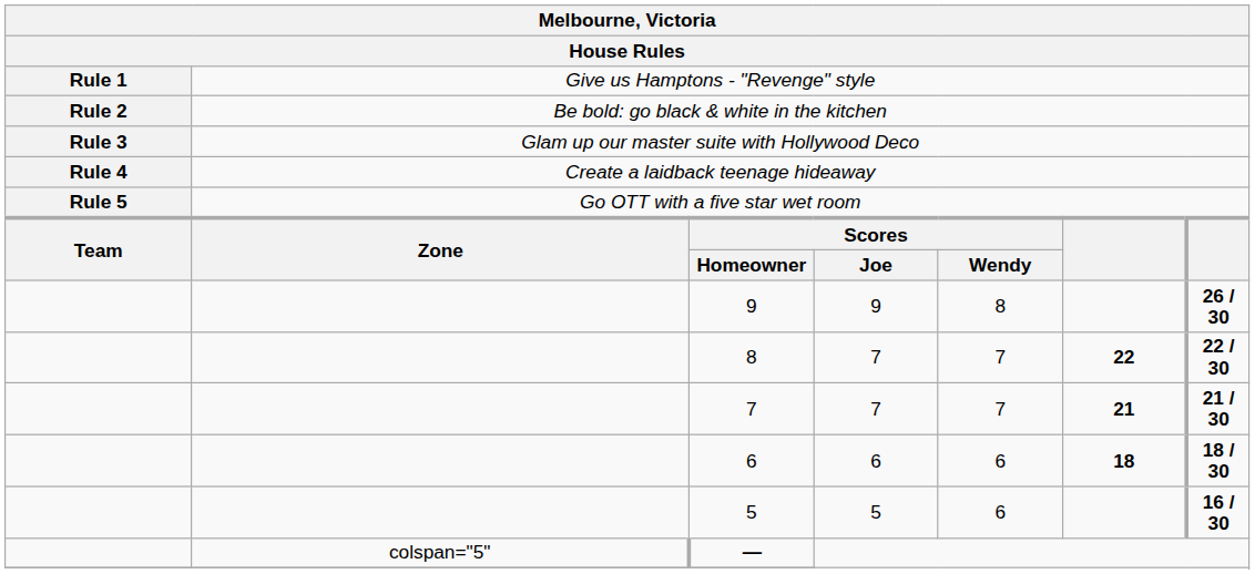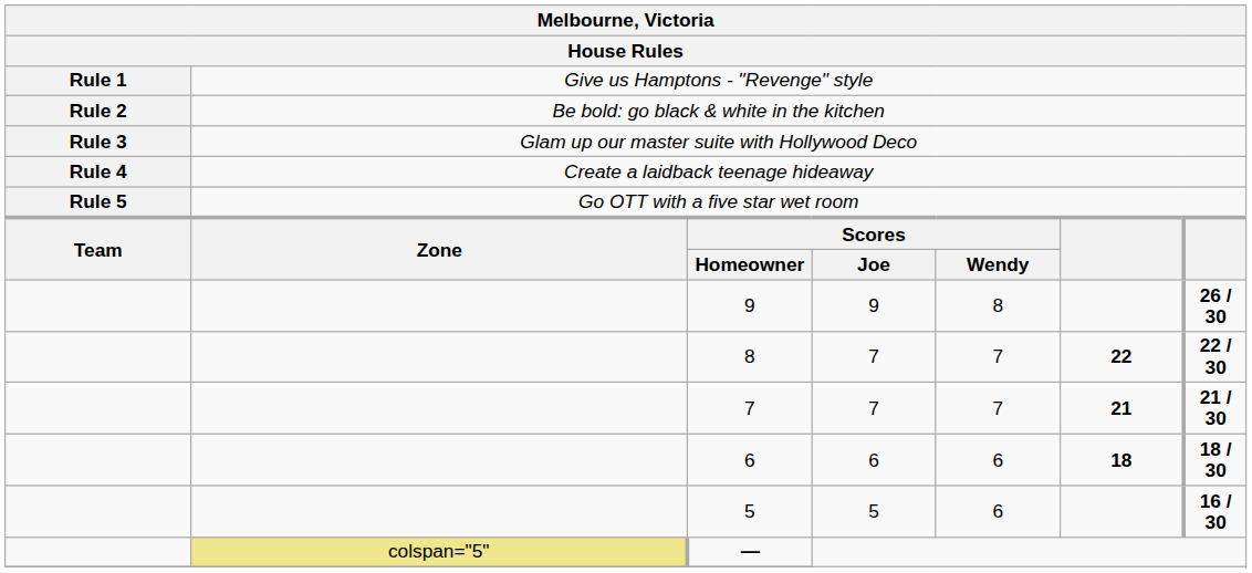 <table class="wikitable plainrowheaders" style="text-align:center; font-size:90%; width:65em;">
 <tr>
 <th colspan="7" >Melbourne, Victoria</th>
 </tr>
 <tr>
 <th colspan="7">House Rules</th>
 </tr>
 <tr>
 <th>Rule 1</th>
 <td colspan="6"><em>Give us Hamptons - "Revenge" style</em></td>
 </tr>
 <tr>
 <th>Rule 2</th>
 <td colspan="6"><em>Be bold: go black & white in the kitchen</em></td>
 </tr>
 <tr>
 <th>Rule 3</th>
 <td colspan="6"><em>Glam up our master suite with Hollywood Deco</em></td>
 </tr>
 <tr>
 <th>Rule 4</th>
 <td colspan="6"><em>Create a laidback teenage hideaway</em></td>
 </tr>
 <tr>
 <th>Rule 5</th>
 <td colspan="6"><em>Go OTT with a five star wet room</em></td>
 </tr>
 <tr style="border-top:3px solid #aaa;">
 <th rowspan="2">Team</th>
 <th rowspan="2" style="width:40%;">Zone</th>
 <th colspan="3" style="width:40%;">Scores</th>
 <th rowspan="2" style="width:10%;"></th>
 <th rowspan="2" style="width:10%; border-left:3px solid #aaa;"></th>
 </tr>
 <tr>
 <th style="width:10%;">Homeowner</th>
 <th style="width:10%;">Joe</th>
 <th style="width:10%;">Wendy</th>
 </tr>
 <tr>
 <td style="width:15%;"></td>
 <td></td>
 <td>9</td>
 <td>9</td>
 <td>8</td>
 <td></td>
 <td style="border-left:3px solid #aaa;"><strong>26 / 30</strong></td>
 </tr>
 <tr>
 <td style="width:15%;"></td>
 <td></td>
 <td>8</td>
 <td>7</td>
 <td>7</td>
 <td><strong>22</strong></td>
 <td style="border-left:3px solid #aaa;"><strong>22 / 30</strong></td>
 </tr>
 <tr>
 <td style="width:15%;"></td>
 <td></td>
 <td>7</td>
 <td>7</td>
 <td>7</td>
 <td><strong>21</strong></td>
 <td style="border-left:3px solid #aaa;"><strong>21 / 30</strong></td>
 </tr>
 <tr>
 <td style="width:15%;"></td>
 <td></td>
 <td>6</td>
 <td>6</td>
 <td>6</td>
 <td><strong>18</strong></td>
 <td style="border-left:3px solid #aaa;"><strong>18 / 30</strong></td>
 </tr>
 <tr>
 <td style="width:15%;"></td>
 <td></td>
 <td>5</td>
 <td>5</td>
 <td>6</td>
 <td></td>
 <td style="border-left:3px solid #aaa;"><strong>16 / 30</strong></td>
 </tr>
 <tr>
 <td style="width:15%;"></td>
-<td>colspan="5" </td>
+<td style="background: khaki;">colspan="5" </td>
 <td style="border-left:3px solid #aaa;"><strong>—</strong></td>
 </tr>
 <tr>
 </tr>
 </table>
